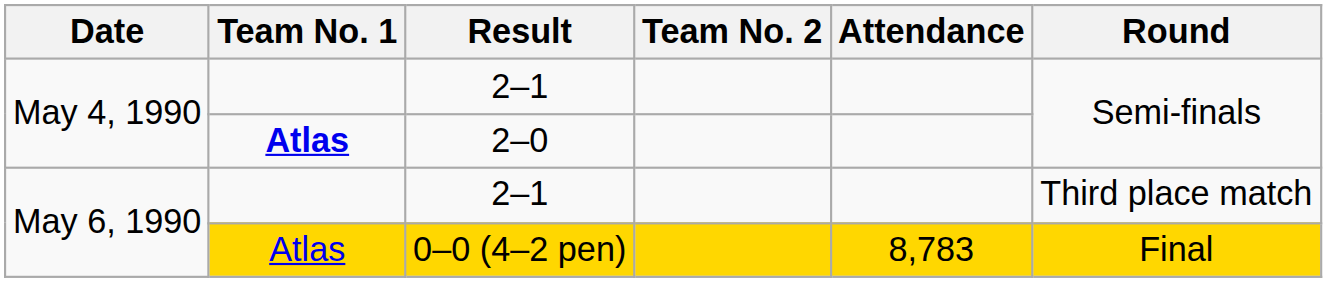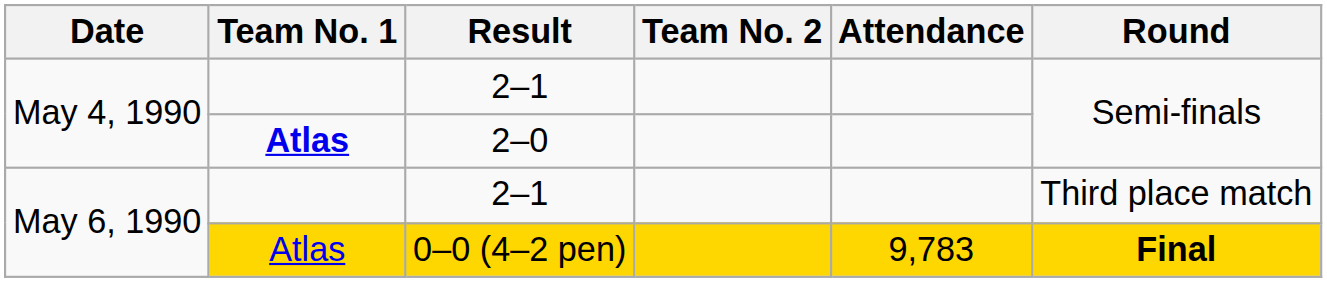 <table class="wikitable" style="text-align:center">
 <tr>
 <th>Date</th>
 <th>Team No. 1</th>
 <th>Result</th>
 <th>Team No. 2</th>
 <th>Attendance</th>
 <th>Round</th>
 </tr>
 <tr>
 <td rowspan=2>May 4, 1990</td>
 <td></td>
 <td style="text-align:center;">2–1</td>
 <td></td>
 <td></td>
 <td rowspan=2>Semi-finals</td>
 </tr>
 <tr>
 <td><strong> <a href='#'>Atlas</a></strong></td>
 <td style="text-align:center;">2–0</td>
 <td></td>
 <td></td>
 </tr>
 <tr>
 <td rowspan=2>May 6, 1990</td>
 <td></td>
 <td style="text-align:center;">2–1</td>
 <td></td>
 <td></td>
 <td>Third place match</td>
 </tr>
 <tr style="background:gold;">
 <td> <a href='#'>Atlas</a></td>
 <td style="text-align:center;">0–0 (4–2 pen)</td>
 <td></td>
-<td>8,783</td>
-<td>Final</td>
+<td>9,783</td>
+<td><strong>Final</strong></td>
 </tr>
 </table>
